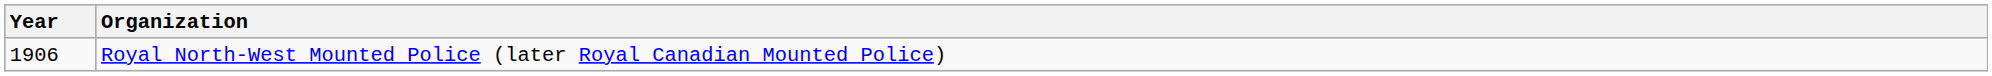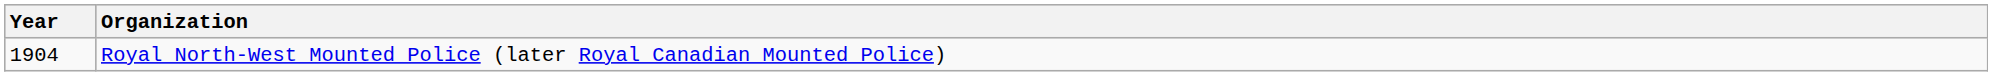 <table class="wikitable" style="width:100%">
 <tr>
 <th style="width:4em;text-align:left">Year</th>
 <th style="text-align:left">Organization</th>
 </tr>
 <tr>
-<td>1906</td>
+<td>1904</td>
 <td><a href='#'>Royal North-West Mounted Police</a> (later <a href='#'>Royal Canadian Mounted Police</a>)</td>
 </tr>
 </table>
